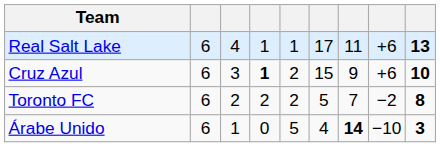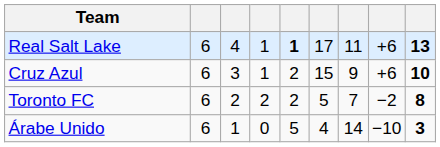 <table class="wikitable" style="text-align: center;">
 <tr>
 <th style="width:165px;">Team</th>
 <th width="20"></th>
 <th width="20"></th>
 <th width="20"></th>
 <th width="20"></th>
 <th width="20"></th>
 <th width="20"></th>
 <th width="20"></th>
 <th width="20"></th>
 </tr>
 <tr style="background:#def;">
 <td align=left> <a href='#'>Real Salt Lake</a></td>
 <td>6</td>
 <td>4</td>
 <td>1</td>
-<td>1</td>
+<td><strong>1</strong></td>
 <td>17</td>
 <td>11</td>
 <td>+6</td>
 <td><strong>13</strong></td>
 </tr>
 <tr>
 <td align=left> <a href='#'>Cruz Azul</a></td>
 <td>6</td>
 <td>3</td>
-<td><strong>1</strong></td>
+<td>1</td>
 <td>2</td>
 <td>15</td>
 <td>9</td>
 <td>+6</td>
 <td><strong>10</strong></td>
 </tr>
 <tr>
 <td align=left> <a href='#'>Toronto FC</a></td>
 <td>6</td>
 <td>2</td>
 <td>2</td>
 <td>2</td>
 <td>5</td>
 <td>7</td>
 <td>−2</td>
 <td><strong>8</strong></td>
 </tr>
 <tr>
 <td align=left> <a href='#'>Árabe Unido</a></td>
 <td>6</td>
 <td>1</td>
 <td>0</td>
 <td>5</td>
 <td>4</td>
-<td><strong>14</strong></td>
+<td>14</td>
 <td>−10</td>
 <td><strong>3</strong></td>
 </tr>
 </table>
